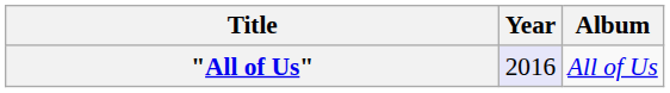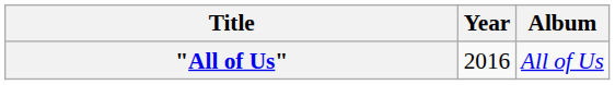 <table class="wikitable plainrowheaders" style="text-align:center;">
 <tr>
 <th scope="col" style="width:19em;">Title</th>
 <th scope="col">Year</th>
 <th scope="col">Album</th>
 </tr>
 <tr>
 <th scope="row">"<a href='#'>All of Us</a>"</th>
-<td style="background: lavender;">2016</td>
+<td>2016</td>
 <td><em><a href='#'>All of Us</a></em></td>
 </tr>
 </table>
